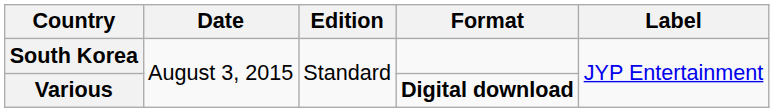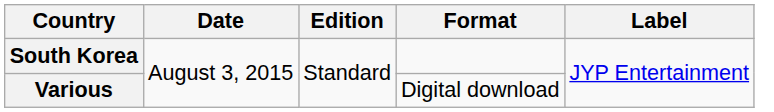 <table class="wikitable plainrowheaders">
 <tr>
 <th>Country</th>
 <th>Date</th>
 <th>Edition</th>
 <th>Format</th>
 <th>Label</th>
 </tr>
 <tr>
 <th scope="row">South Korea</th>
 <td rowspan="2">August 3, 2015</td>
 <td rowspan="2">Standard</td>
 <td></td>
 <td rowspan="2"><a href='#'>JYP Entertainment</a></td>
 </tr>
 <tr>
 <th scope="row">Various</th>
-<td><strong>Digital download</strong></td>
+<td>Digital download</td>
 </tr>
 </table>
